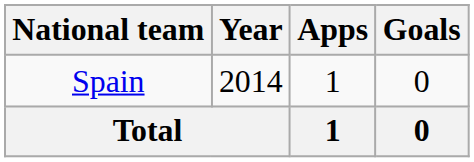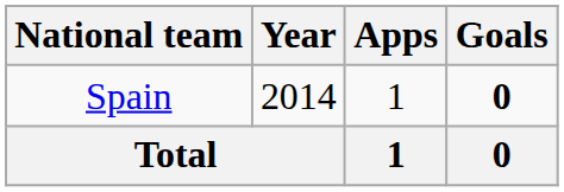 <table class="wikitable" style="text-align:center">
 <tr>
 <th>National team</th>
 <th>Year</th>
 <th>Apps</th>
 <th>Goals</th>
 </tr>
 <tr>
 <td><a href='#'>Spain</a></td>
 <td>2014</td>
 <td>1</td>
-<td>0</td>
+<td><strong>0</strong></td>
 </tr>
 <tr>
 <th colspan="2">Total</th>
 <th>1</th>
 <th>0</th>
 </tr>
 </table>
